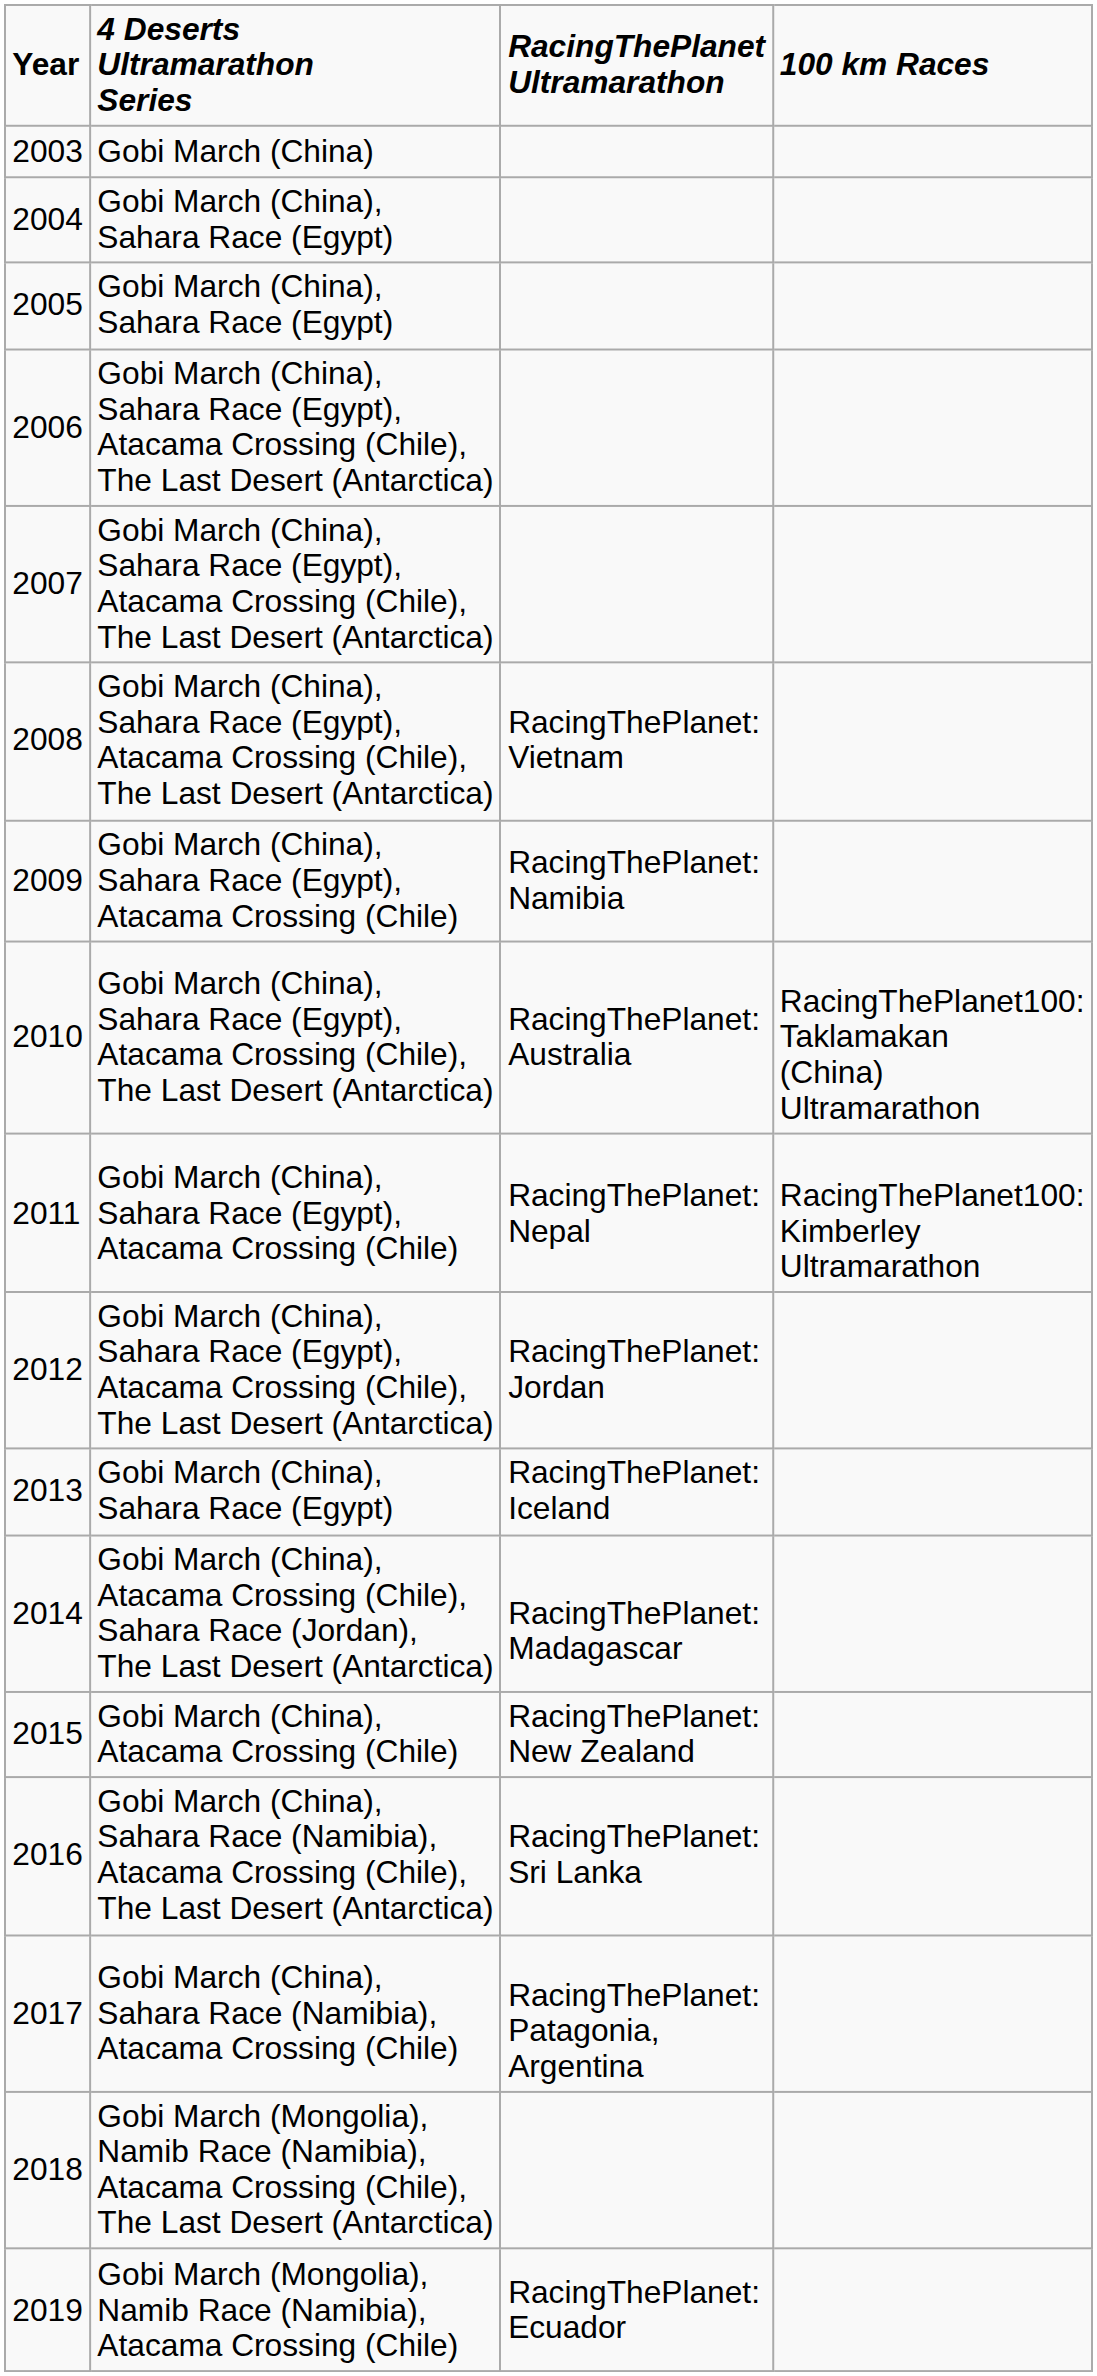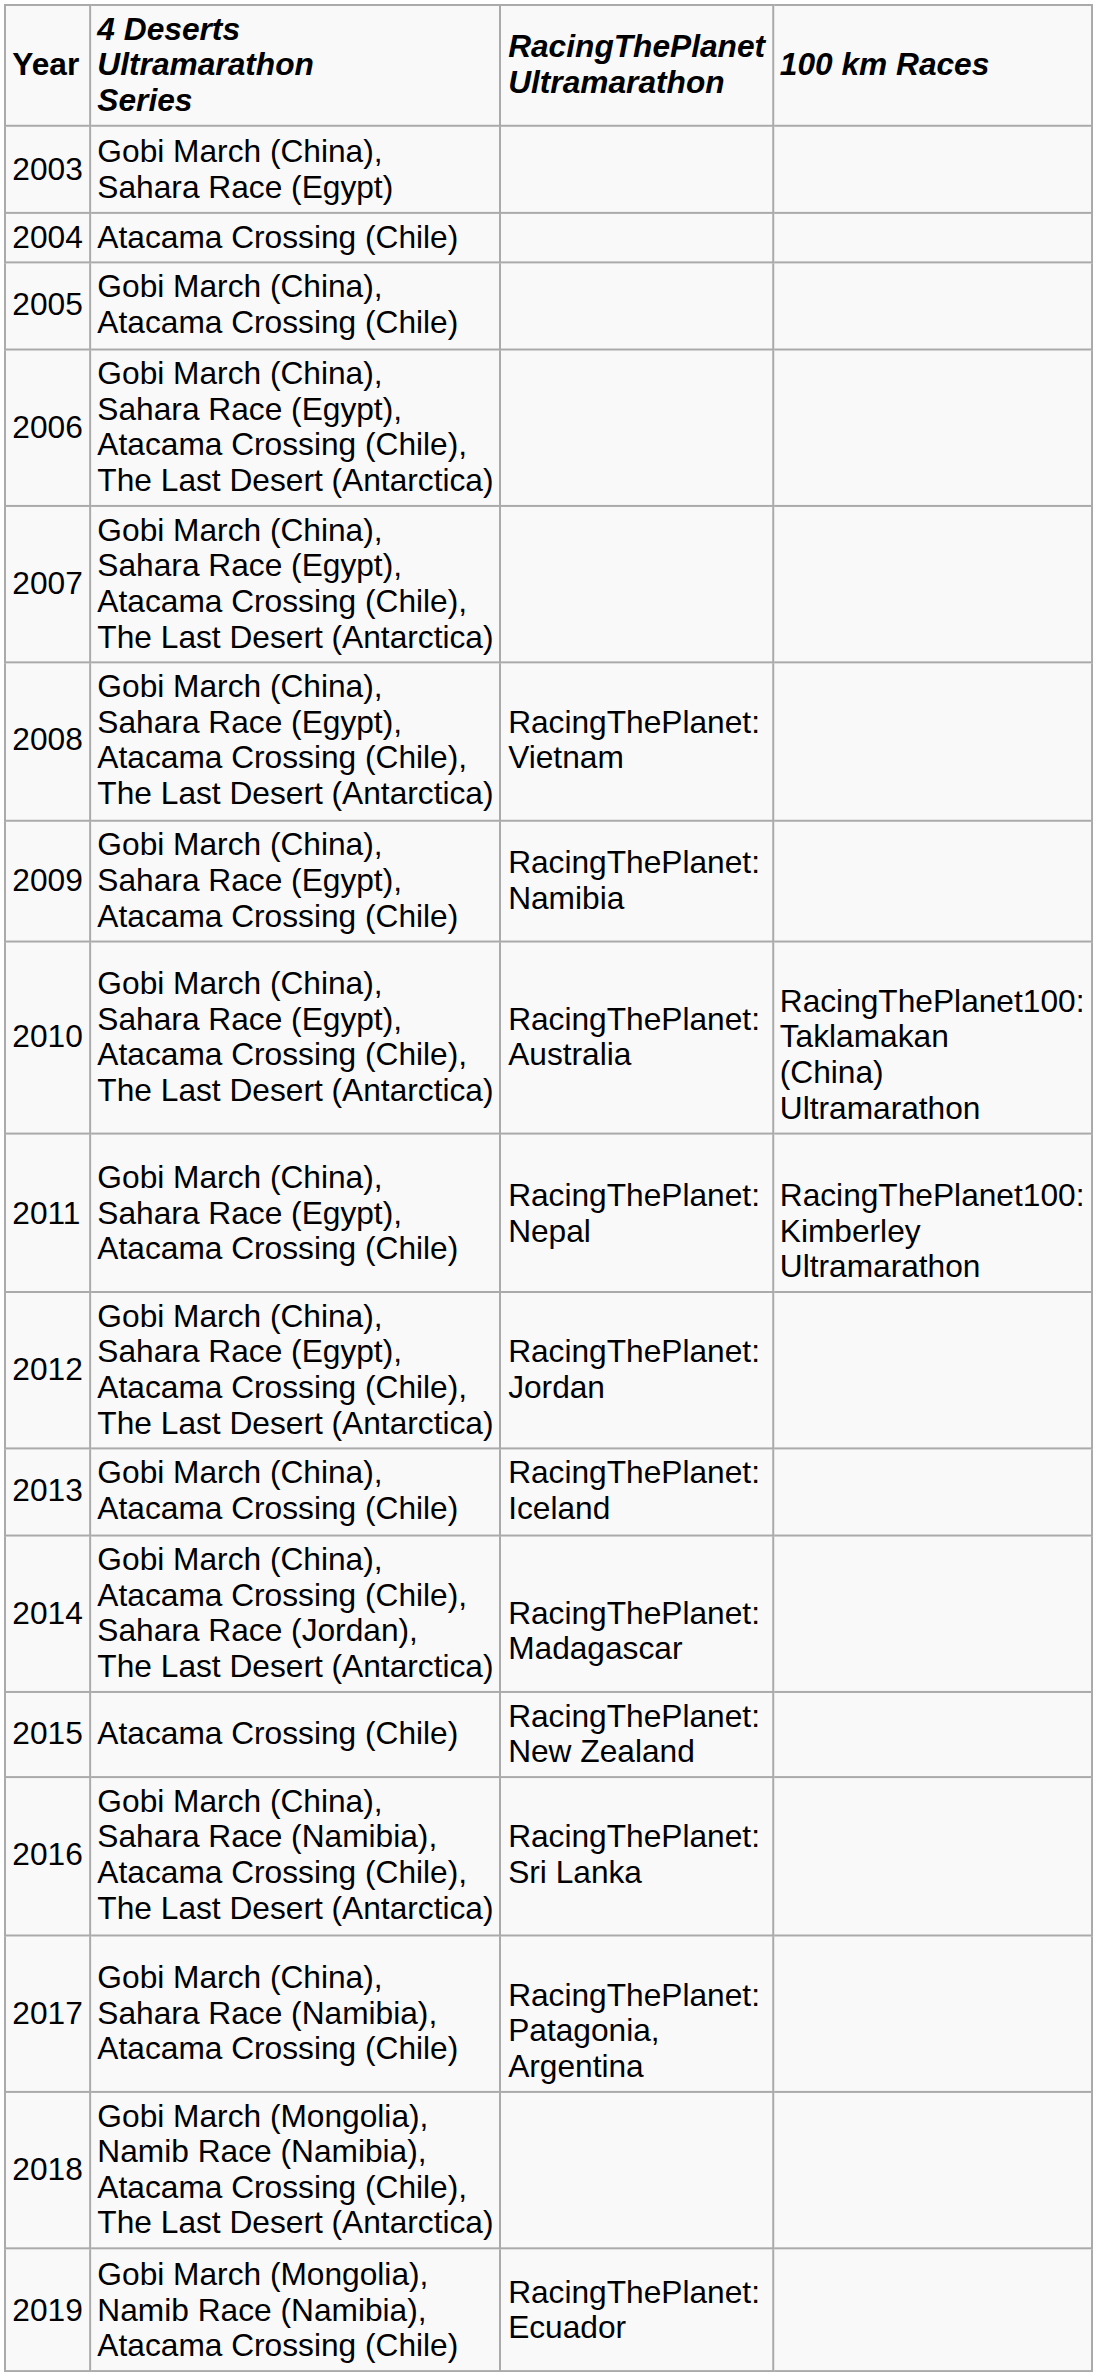 <table class="wikitable">
 <tr>
 <td><strong> Year</strong></td>
 <td><strong><em>4 Deserts</em></strong><br><strong><em>Ultramarathon</em></strong><br><strong><em>Series</em></strong></td>
 <td><strong><em>RacingThePlanet</em></strong><br><strong><em>Ultramarathon</em></strong></td>
 <td><strong><em>100 km Races</em></strong></td>
 </tr>
 <tr>
 <td>2003</td>
-<td>Gobi March (China)</td>
+<td>Gobi March (China),<br>Sahara Race (Egypt)</td>
 <td></td>
 <td></td>
 </tr>
 <tr>
 <td>2004</td>
-<td>Gobi March (China),<br>Sahara Race (Egypt)</td>
+<td>Atacama Crossing (Chile)</td>
 <td></td>
 <td></td>
 </tr>
 <tr>
 <td>2005</td>
-<td>Gobi March (China),<br>Sahara Race (Egypt)</td>
+<td>Gobi March (China),<br>Atacama Crossing (Chile)</td>
 <td></td>
 <td></td>
 </tr>
 <tr>
 <td>2006</td>
 <td>Gobi March (China),<br>Sahara Race (Egypt),<br>Atacama Crossing (Chile),<br>The Last Desert  (Antarctica)</td>
 <td></td>
 <td></td>
 </tr>
 <tr>
 <td>2007</td>
 <td>Gobi March (China),<br>Sahara Race (Egypt),<br>Atacama Crossing (Chile),<br>The Last Desert (Antarctica)</td>
 <td></td>
 <td></td>
 </tr>
 <tr>
 <td>2008</td>
 <td>Gobi March (China),<br>Sahara Race (Egypt),<br>Atacama Crossing (Chile),<br>The Last Desert (Antarctica)</td>
 <td>RacingThePlanet:<br>Vietnam</td>
 <td></td>
 </tr>
 <tr>
 <td>2009</td>
 <td>Gobi March (China),<br>Sahara Race (Egypt),<br>Atacama Crossing (Chile)</td>
 <td>RacingThePlanet:<br>Namibia</td>
 <td></td>
 </tr>
 <tr>
 <td>2010</td>
 <td>Gobi March (China),<br>Sahara Race (Egypt),<br>Atacama Crossing (Chile),<br>The Last Desert (Antarctica)</td>
 <td>RacingThePlanet:<br>Australia</td>
 <td><br>RacingThePlanet100:<br>Taklamakan<br>(China)<br>Ultramarathon</td>
 </tr>
 <tr>
 <td>2011</td>
 <td>Gobi March (China),<br>Sahara Race (Egypt),<br>Atacama Crossing (Chile)</td>
 <td>RacingThePlanet:<br>Nepal</td>
 <td><br>RacingThePlanet100:<br>Kimberley<br>Ultramarathon</td>
 </tr>
 <tr>
 <td>2012</td>
 <td>Gobi March (China),<br>Sahara Race (Egypt),<br>Atacama Crossing (Chile),<br>The Last Desert (Antarctica)</td>
 <td>RacingThePlanet:<br>Jordan</td>
 <td></td>
 </tr>
 <tr>
 <td>2013</td>
-<td>Gobi March (China),<br>Sahara Race (Egypt)</td>
+<td>Gobi March (China),<br>Atacama Crossing (Chile)</td>
 <td>RacingThePlanet:<br>Iceland</td>
 <td></td>
 </tr>
 <tr>
 <td>2014</td>
 <td>Gobi March (China),<br>Atacama Crossing (Chile),<br>Sahara Race (Jordan),<br>The Last Desert (Antarctica)</td>
 <td><br>RacingThePlanet:<br>Madagascar</td>
 <td></td>
 </tr>
 <tr>
 <td>2015</td>
-<td>Gobi March (China),<br>Atacama Crossing (Chile)</td>
+<td>Atacama Crossing (Chile)</td>
 <td>RacingThePlanet:<br>New Zealand</td>
 <td></td>
 </tr>
 <tr>
 <td>2016</td>
 <td>Gobi March (China),<br>Sahara Race (Namibia),<br>Atacama Crossing (Chile),<br>The Last Desert (Antarctica)</td>
 <td>RacingThePlanet:<br>Sri Lanka</td>
 <td></td>
 </tr>
 <tr>
 <td>2017</td>
 <td>Gobi March (China),<br>Sahara Race (Namibia),<br>Atacama Crossing (Chile)</td>
 <td><br>RacingThePlanet:<br>Patagonia,<br>Argentina</td>
 <td></td>
 </tr>
 <tr>
 <td>2018</td>
 <td>Gobi March (Mongolia),<br>Namib Race (Namibia),<br>Atacama Crossing (Chile),<br>The Last Desert  (Antarctica)</td>
 <td></td>
 <td></td>
 </tr>
 <tr>
 <td>2019</td>
 <td>Gobi March (Mongolia),<br>Namib Race (Namibia),<br>Atacama Crossing (Chile)</td>
 <td>RacingThePlanet:<br>Ecuador</td>
 <td></td>
 </tr>
 </table>
